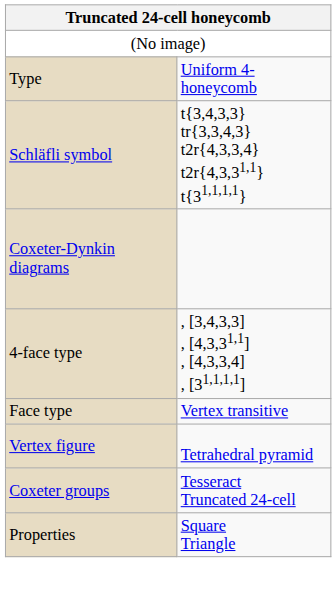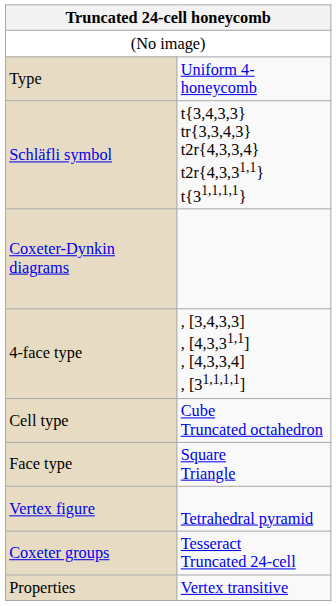 <table class="wikitable" align="right" style="margin-left:10px" width="320">
 <tr>
 <th bgcolor=#e7dcc3 colspan=2>Truncated 24-cell honeycomb</th>
 </tr>
 <tr>
 <td bgcolor=#ffffff align=center colspan=2>(No image)</td>
 </tr>
 <tr>
 <td bgcolor=#e7dcc3>Type</td>
 <td><a href='#'>Uniform 4-honeycomb</a></td>
 </tr>
 <tr>
 <td bgcolor=#e7dcc3><a href='#'>Schläfli symbol</a></td>
 <td>t{3,4,3,3}<br>tr{3,3,4,3}<br>t2r{4,3,3,4}<br>t2r{4,3,3<sup>1,1</sup>}<br>t{3<sup>1,1,1,1</sup>}</td>
 </tr>
 <tr>
 <td bgcolor=#e7dcc3><a href='#'>Coxeter-Dynkin diagrams</a></td>
 <td><br><br> <br> <br> <br> </td>
 </tr>
 <tr>
 <td bgcolor=#e7dcc3>4-face type</td>
 <td>, [3,4,3,3]<br>, [4,3,3<sup>1,1</sup>]<br>, [4,3,3,4]<br>, [3<sup>1,1,1,1</sup>]</td>
 </tr>
 <tr>
+<td bgcolor=#e7dcc3>Cell type</td>
+<td><a href='#'>Cube</a> <br><a href='#'>Truncated octahedron</a> </td>
+</tr>
+<tr>
 <td bgcolor=#e7dcc3>Face type</td>
-<td><a href='#'>Vertex transitive</a></td>
+<td><a href='#'>Square</a><br><a href='#'>Triangle</a></td>
 </tr>
 <tr>
 <td bgcolor=#e7dcc3><a href='#'>Vertex figure</a></td>
 <td><br><a href='#'>Tetrahedral pyramid</a></td>
 </tr>
 <tr>
 <td bgcolor=#e7dcc3><a href='#'>Coxeter groups</a></td>
 <td><a href='#'>Tesseract</a> <br><a href='#'>Truncated 24-cell</a> </td>
 </tr>
 <tr>
 <td bgcolor=#e7dcc3>Properties</td>
-<td><a href='#'>Square</a><br><a href='#'>Triangle</a></td>
+<td><a href='#'>Vertex transitive</a></td>
 </tr>
 </table>
